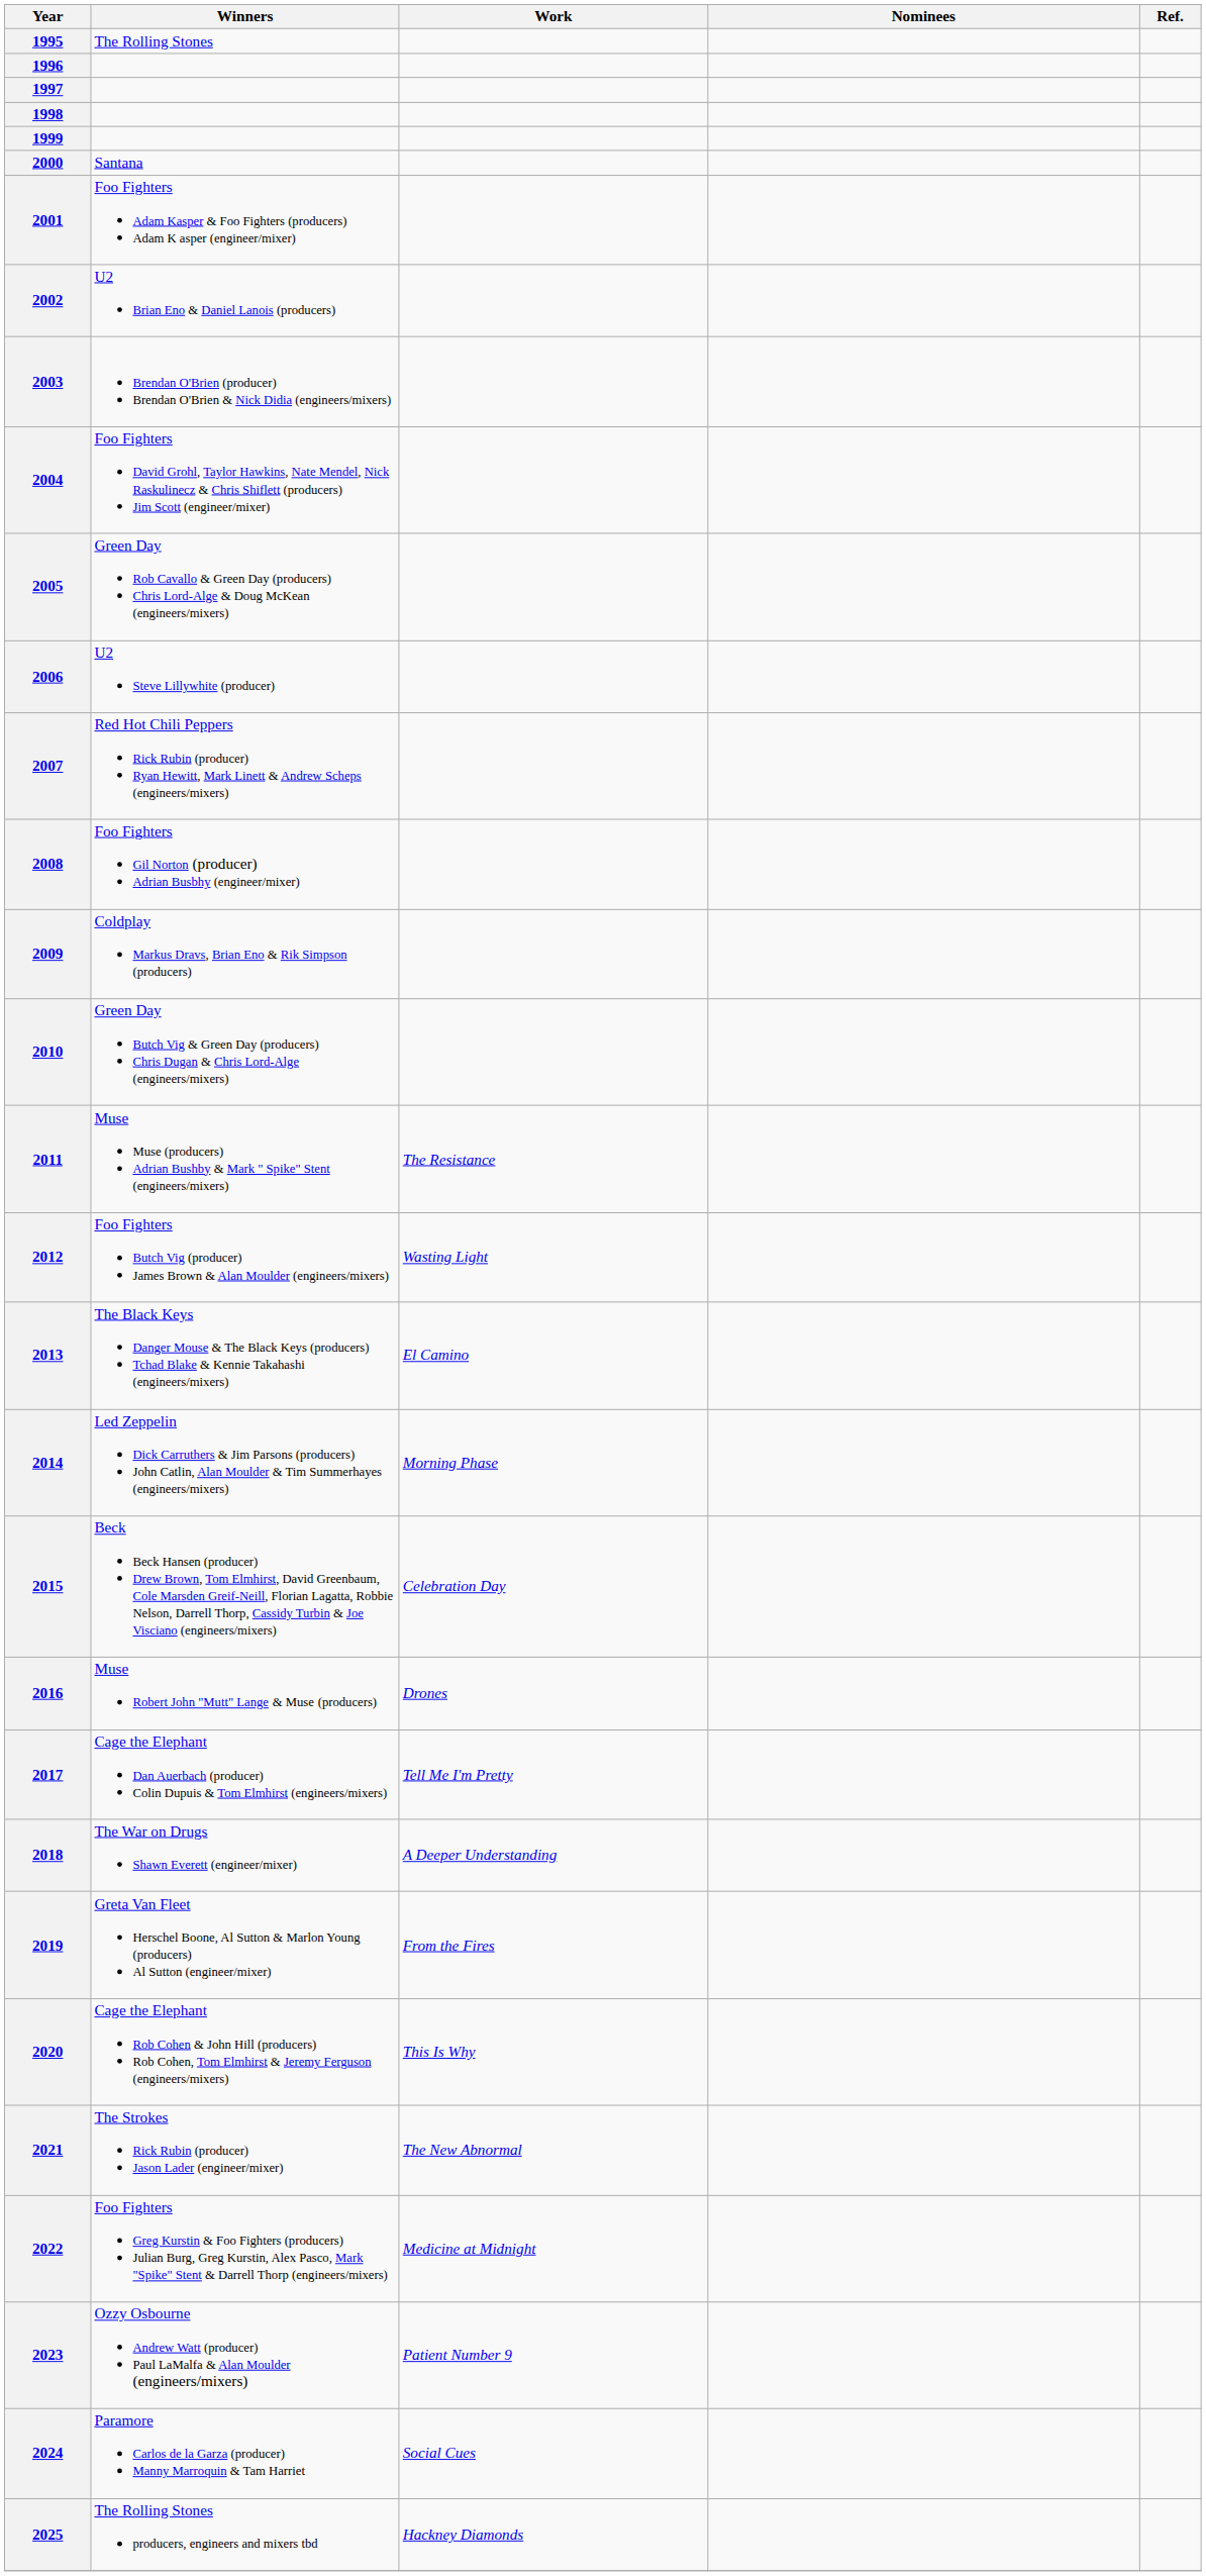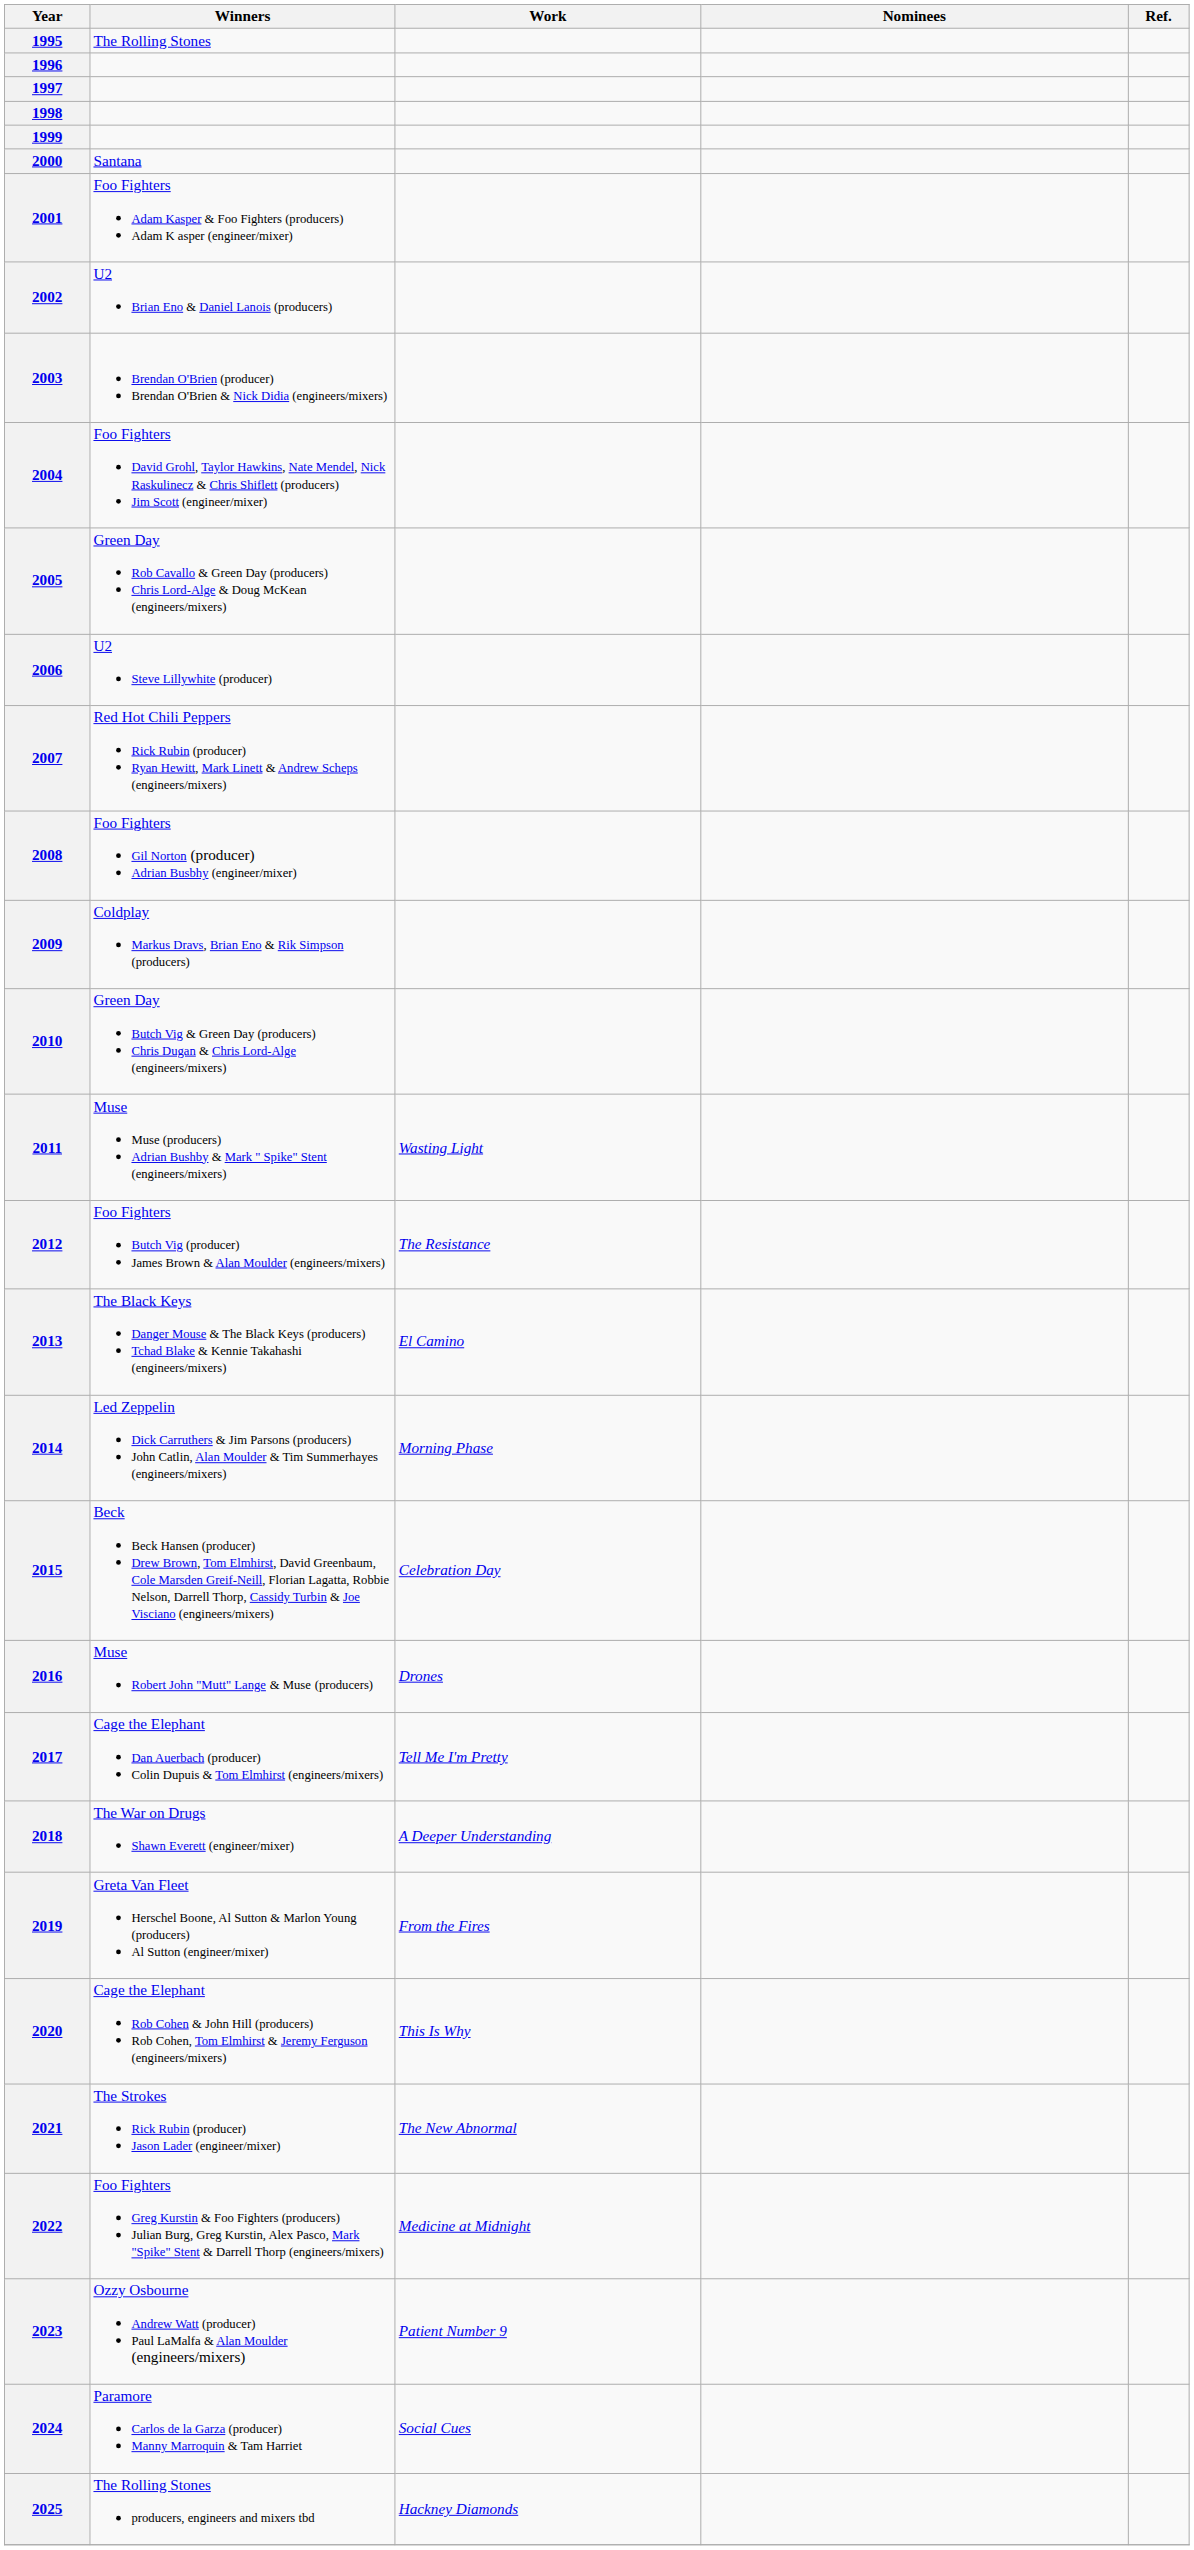 <table class="wikitable">
 <tr>
 <th width="7%">Year</th>
 <th width="25%">Winners</th>
 <th width="25%">Work</th>
 <th width="35%" class=unsortable>Nominees</th>
 <th width="5%" class=unsortable>Ref.</th>
 </tr>
 <tr>
 <th scope="row" style="text-align:center;"><a href='#'>1995</a></th>
 <td><a href='#'>The Rolling Stones</a></td>
 <td></td>
 <td></td>
 <td style="text-align:center;"></td>
 </tr>
 <tr>
 <th scope="row" style="text-align:center;"><a href='#'>1996</a></th>
 <td></td>
 <td></td>
 <td></td>
 <td style="text-align:center;"></td>
 </tr>
 <tr>
 <th scope="row" style="text-align:center;"><a href='#'>1997</a></th>
 <td></td>
 <td></td>
 <td></td>
 <td style="text-align:center;"></td>
 </tr>
 <tr>
 <th scope="row" style="text-align:center;"><a href='#'>1998</a></th>
 <td></td>
 <td></td>
 <td></td>
 <td style="text-align:center;"></td>
 </tr>
 <tr>
 <th scope="row" style="text-align:center;"><a href='#'>1999</a></th>
 <td></td>
 <td></td>
 <td></td>
 <td style="text-align:center;"></td>
 </tr>
 <tr>
 <th scope="row" style="text-align:center;"><a href='#'>2000</a></th>
 <td><a href='#'>Santana</a></td>
 <td></td>
 <td></td>
 <td style="text-align:center;"></td>
 </tr>
 <tr>
 <th scope="row" style="text-align:center;"><a href='#'>2001</a></th>
 <td><a href='#'>Foo Fighters</a><br><ul><li><small><a href='#'>Adam Kasper</a> & Foo Fighters (producers)</small></li><li><small>Adam K asper (engineer/mixer)</small></li></ul></td>
 <td></td>
 <td></td>
 <td style="text-align:center;"></td>
 </tr>
 <tr>
 <th scope="row" style="text-align:center;"><a href='#'>2002</a></th>
 <td><a href='#'>U2</a><br><ul><li><small><a href='#'>Brian Eno</a> & <a href='#'>Daniel Lanois</a> (producers)</small></li></ul></td>
 <td></td>
 <td></td>
 <td style="text-align:center;"></td>
 </tr>
 <tr>
 <th scope="row" style="text-align:center;"><a href='#'>2003</a></th>
 <td><br><ul><li><small><a href='#'>Brendan O'Brien</a> (producer)</small></li><li><small>Brendan O'Brien & <a href='#'>Nick Didia</a> (engineers/mixers)</small></li></ul></td>
 <td></td>
 <td></td>
 <td style="text-align:center;"></td>
 </tr>
 <tr>
 <th scope="row" style="text-align:center;"><a href='#'>2004</a></th>
 <td><a href='#'>Foo Fighters</a><br><ul><li><small><a href='#'>David Grohl</a>, <a href='#'>Taylor Hawkins</a>, <a href='#'>Nate Mendel</a>, <a href='#'>Nick Raskulinecz</a> & <a href='#'>Chris Shiflett</a> (producers)</small></li><li><small><a href='#'>Jim Scott</a> (engineer/mixer)</small></li></ul></td>
 <td></td>
 <td></td>
 <td style="text-align:center;"></td>
 </tr>
 <tr>
 <th scope="row" style="text-align:center;"><a href='#'>2005</a></th>
 <td><a href='#'>Green Day</a><br><ul><li><small><a href='#'>Rob Cavallo</a> & Green Day (producers)</small></li><li><small><a href='#'>Chris Lord-Alge</a> & Doug McKean (engineers/mixers)</small></li></ul></td>
 <td></td>
 <td></td>
 <td style="text-align:center;"></td>
 </tr>
 <tr>
 <th scope="row" style="text-align:center;"><a href='#'>2006</a></th>
 <td><a href='#'>U2</a><br><ul><li><small><a href='#'>Steve Lillywhite</a> (producer)</small></li></ul></td>
 <td></td>
 <td></td>
 <td style="text-align:center;"></td>
 </tr>
 <tr>
 <th scope="row" style="text-align:center;"><a href='#'>2007</a></th>
 <td><a href='#'>Red Hot Chili Peppers</a><br><ul><li><small><a href='#'>Rick Rubin</a> (producer)</small></li><li><small><a href='#'>Ryan Hewitt</a>, <a href='#'>Mark Linett</a> & <a href='#'>Andrew Scheps</a> (engineers/mixers)</small></li></ul></td>
 <td></td>
 <td></td>
 <td style="text-align:center;"></td>
 </tr>
 <tr>
 <th scope="row" style="text-align:center;"><a href='#'>2008</a></th>
 <td><a href='#'>Foo Fighters</a><br><ul><li><a href='#'><small>Gil Norton</small></a> (producer)</li><li><small><a href='#'>Adrian Busbhy</a> (engineer/mixer)</small></li></ul></td>
 <td></td>
 <td></td>
 <td style="text-align:center;"></td>
 </tr>
 <tr>
 <th scope="row" style="text-align:center;"><a href='#'>2009</a></th>
 <td><a href='#'>Coldplay</a><br><ul><li><small><a href='#'>Markus Dravs</a>, <a href='#'>Brian Eno</a> & <a href='#'>Rik Simpson</a> (producers)</small></li></ul></td>
 <td></td>
 <td></td>
 <td style="text-align:center;"></td>
 </tr>
 <tr>
 <th scope="row" style="text-align:center;"><a href='#'>2010</a></th>
 <td><a href='#'>Green Day</a><br><ul><li><small><a href='#'>Butch Vig</a> & Green Day (producers)</small></li><li><small><a href='#'>Chris Dugan</a> & <a href='#'>Chris Lord-Alge</a> (engineers/mixers)</small></li></ul></td>
 <td></td>
 <td></td>
 <td style="text-align:center;"></td>
 </tr>
 <tr>
 <th scope="row" style="text-align:center;"><a href='#'>2011</a></th>
 <td><a href='#'>Muse</a><br><ul><li><small>Muse (producers)</small></li><li><small><a href='#'>Adrian Bushby</a> & <a href='#'>Mark " Spike" Stent</a> (engineers/mixers)</small></li></ul></td>
-<td><em><a href='#'>The Resistance</a></em></td>
+<td><em><a href='#'>Wasting Light</a></em></td>
 <td></td>
 <td style="text-align:center;"></td>
 </tr>
 <tr>
 <th scope="row" style="text-align:center;"><a href='#'>2012</a></th>
 <td><a href='#'>Foo Fighters</a><br><ul><li><small><a href='#'>Butch Vig</a> (producer)</small></li><li><small>James Brown & <a href='#'>Alan Moulder</a> (engineers/mixers)</small></li></ul></td>
-<td><em><a href='#'>Wasting Light</a></em></td>
+<td><em><a href='#'>The Resistance</a></em></td>
 <td></td>
 <td style="text-align:center;"></td>
 </tr>
 <tr>
 <th scope="row" style="text-align:center;"><a href='#'>2013</a></th>
 <td><a href='#'>The Black Keys</a><br><ul><li><small><a href='#'>Danger Mouse</a> & The Black Keys (producers)</small></li><li><small><a href='#'>Tchad Blake</a> & Kennie Takahashi (engineers/mixers)</small></li></ul></td>
 <td><em><a href='#'>El Camino</a></em></td>
 <td></td>
 <td style="text-align:center;"></td>
 </tr>
 <tr>
 <th scope="row" style="text-align:center;"><a href='#'>2014</a></th>
 <td><a href='#'>Led Zeppelin</a><br><ul><li><small><a href='#'>Dick Carruthers</a> & Jim Parsons (producers)</small></li><li><small>John Catlin, <a href='#'>Alan Moulder</a> & Tim Summerhayes (engineers/mixers)</small></li></ul></td>
 <td><em><a href='#'>Morning Phase</a></em></td>
 <td></td>
 <td style="text-align:center;"></td>
 </tr>
 <tr>
 <th scope="row" style="text-align:center;"><a href='#'>2015</a></th>
 <td><a href='#'>Beck</a><br><ul><li><small>Beck Hansen (producer)</small></li><li><small><a href='#'>Drew Brown</a>, <a href='#'>Tom Elmhirst</a>, David Greenbaum, <a href='#'>Cole Marsden Greif-Neill</a>, Florian Lagatta, Robbie Nelson, Darrell Thorp, <a href='#'>Cassidy Turbin</a> & <a href='#'>Joe Visciano</a> (engineers/mixers)</small></li></ul></td>
 <td><em><a href='#'>Celebration Day</a></em></td>
 <td></td>
 <td style="text-align:center;"></td>
 </tr>
 <tr>
 <th scope="row" style="text-align:center;"><a href='#'>2016</a></th>
 <td><a href='#'>Muse</a><br><ul><li><a href='#'><small>Robert John "Mutt" Lange</small></a> <small>& Muse</small> <small>(producers)</small></li></ul></td>
 <td><em><a href='#'>Drones</a></em></td>
 <td></td>
 <td style="text-align:center;"></td>
 </tr>
 <tr>
 <th scope="row" style="text-align:center;"><a href='#'>2017</a></th>
 <td><a href='#'>Cage the Elephant</a><br><ul><li><small><a href='#'>Dan Auerbach</a> (producer)</small></li><li><small>Colin Dupuis & <a href='#'>Tom Elmhirst</a> (engineers/mixers)</small></li></ul></td>
 <td><em><a href='#'>Tell Me I'm Pretty</a></em></td>
 <td></td>
 <td style="text-align:center;"></td>
 </tr>
 <tr>
 <th scope="row" style="text-align:center;"><a href='#'>2018</a></th>
 <td><a href='#'>The War on Drugs</a><br><ul><li><small><a href='#'>Shawn Everett</a> (engineer/mixer)</small></li></ul></td>
 <td><em><a href='#'>A Deeper Understanding</a></em></td>
 <td></td>
 <td style="text-align:center;"></td>
 </tr>
 <tr>
 <th scope="row" style="text-align:center;"><a href='#'>2019</a></th>
 <td><a href='#'>Greta Van Fleet</a><br><ul><li><small>Herschel Boone, Al Sutton & Marlon Young (producers)</small></li><li><small>Al Sutton (engineer/mixer)</small></li></ul></td>
 <td><em><a href='#'>From the Fires</a></em></td>
 <td></td>
 <td style="text-align:center;"></td>
 </tr>
 <tr>
 <th scope="row" style="text-align:center;"><a href='#'>2020</a></th>
 <td><a href='#'>Cage the Elephant</a><br><ul><li><small><a href='#'>Rob Cohen</a> & John Hill (producers)</small></li><li><small>Rob Cohen, <a href='#'>Tom Elmhirst</a> & <a href='#'>Jeremy Ferguson</a> (engineers/mixers)</small></li></ul></td>
 <td><em><a href='#'>This Is Why</a></em></td>
 <td></td>
 <td></td>
 </tr>
 <tr>
 <th scope="row" style="text-align:center;"><a href='#'>2021</a></th>
 <td><a href='#'>The Strokes</a><br><ul><li><small><a href='#'>Rick Rubin</a> (producer)</small></li><li><small><a href='#'>Jason Lader</a> (engineer/mixer)</small></li></ul></td>
 <td><em><a href='#'>The New Abnormal</a></em></td>
 <td></td>
 <td></td>
 </tr>
 <tr>
 <th><a href='#'>2022</a></th>
 <td><a href='#'>Foo Fighters</a><br><ul><li><small><a href='#'>Greg Kurstin</a> & Foo Fighters (producers)</small></li><li><small>Julian Burg, Greg Kurstin, Alex Pasco, <a href='#'>Mark "Spike" Stent</a> & Darrell Thorp (engineers/mixers)</small></li></ul></td>
 <td><em><a href='#'>Medicine at Midnight</a></em></td>
 <td></td>
 <td></td>
 </tr>
 <tr>
 <th><a href='#'>2023</a></th>
 <td><a href='#'>Ozzy Osbourne</a><br><ul><li><small><a href='#'>Andrew Watt</a> (producer)</small></li><li><small>Paul LaMalfa & <a href='#'>Alan Moulder</a></small> (engineers/mixers)</li></ul></td>
 <td><em><a href='#'>Patient Number 9</a></em></td>
 <td></td>
 <td></td>
 </tr>
 <tr>
 <th><a href='#'>2024</a></th>
 <td><a href='#'>Paramore</a><br><ul><li><small><a href='#'>Carlos de la Garza</a> (producer)</small></li><li><small><a href='#'>Manny Marroquin</a> & Tam Harriet</small></li></ul></td>
 <td><em><a href='#'>Social Cues</a></em></td>
 <td></td>
 <td></td>
 </tr>
 <tr>
 <th><a href='#'>2025</a></th>
 <td><a href='#'>The Rolling Stones</a><br><ul><li><small>producers, engineers and mixers tbd</small></li></ul></td>
 <td><em><a href='#'>Hackney Diamonds</a></em></td>
 <td></td>
 <td></td>
 </tr>
 <tr>
 </tr>
 </table>
